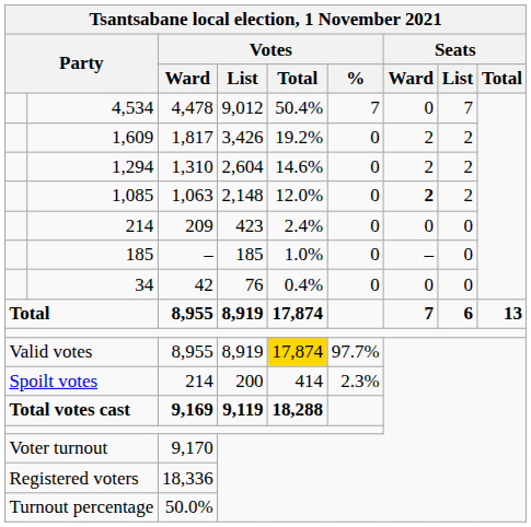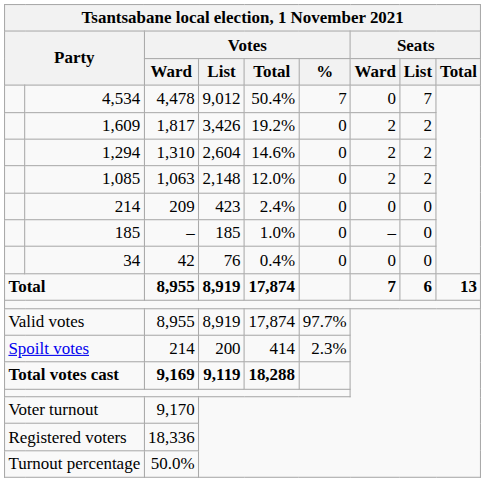 <table class=wikitable style="text-align:right">
 <tr>
 <th colspan="9" align="center">Tsantsabane local election, 1 November 2021</th>
 </tr>
 <tr>
 <th rowspan="2" colspan="2">Party</th>
 <th colspan="4" align="center">Votes</th>
 <th colspan="3" align="center">Seats</th>
 </tr>
 <tr>
 <th>Ward</th>
 <th>List</th>
 <th>Total</th>
 <th>%</th>
 <th>Ward</th>
 <th>List</th>
 <th>Total</th>
 </tr>
 <tr>
 <td></td>
 <td>4,534</td>
 <td>4,478</td>
 <td>9,012</td>
 <td>50.4%</td>
 <td>7</td>
 <td>0</td>
 <td>7</td>
 </tr>
 <tr>
 <td></td>
 <td>1,609</td>
 <td>1,817</td>
 <td>3,426</td>
 <td>19.2%</td>
 <td>0</td>
 <td>2</td>
 <td>2</td>
 </tr>
 <tr>
 <td></td>
 <td>1,294</td>
 <td>1,310</td>
 <td>2,604</td>
 <td>14.6%</td>
 <td>0</td>
 <td>2</td>
 <td>2</td>
 </tr>
 <tr>
 <td></td>
 <td>1,085</td>
 <td>1,063</td>
 <td>2,148</td>
 <td>12.0%</td>
 <td>0</td>
-<td><strong>2</strong></td>
+<td>2</td>
 <td>2</td>
 </tr>
 <tr>
 <td></td>
 <td>214</td>
 <td>209</td>
 <td>423</td>
 <td>2.4%</td>
 <td>0</td>
 <td>0</td>
 <td>0</td>
 </tr>
 <tr>
 <td></td>
 <td>185</td>
 <td>–</td>
 <td>185</td>
 <td>1.0%</td>
 <td>0</td>
 <td>–</td>
 <td>0</td>
 </tr>
 <tr>
 <td></td>
 <td>34</td>
 <td>42</td>
 <td>76</td>
 <td>0.4%</td>
 <td>0</td>
 <td>0</td>
 <td>0</td>
 </tr>
 <tr>
 <td colspan="2" style="text-align:left"><strong>Total</strong></td>
 <td><strong>8,955</strong></td>
 <td><strong>8,919</strong></td>
 <td><strong>17,874</strong></td>
 <td></td>
 <td><strong>7</strong></td>
 <td><strong>6</strong></td>
 <td><strong>13</strong></td>
 </tr>
 <tr>
 <td colspan="9"></td>
 </tr>
 <tr>
 <td colspan="2" style="text-align:left">Valid votes</td>
 <td>8,955</td>
 <td>8,919</td>
-<td style="background: gold;">17,874</td>
+<td>17,874</td>
 <td>97.7%</td>
 </tr>
 <tr>
 <td colspan="2" style="text-align:left"><a href='#'>Spoilt votes</a></td>
 <td>214</td>
 <td>200</td>
 <td>414</td>
 <td>2.3%</td>
 </tr>
 <tr>
 <td colspan="2" style="text-align:left"><strong>Total votes cast</strong></td>
 <td><strong>9,169</strong></td>
 <td><strong>9,119</strong></td>
 <td><strong>18,288</strong></td>
 <td></td>
 </tr>
 <tr>
 <td colspan="6"></td>
 </tr>
 <tr>
 <td colspan="2" style="text-align:left">Voter turnout</td>
 <td>9,170</td>
 </tr>
 <tr>
 <td colspan="2" style="text-align:left">Registered voters</td>
 <td>18,336</td>
 </tr>
 <tr>
 <td colspan="2" style="text-align:left">Turnout percentage</td>
 <td>50.0%</td>
 </tr>
 </table>
